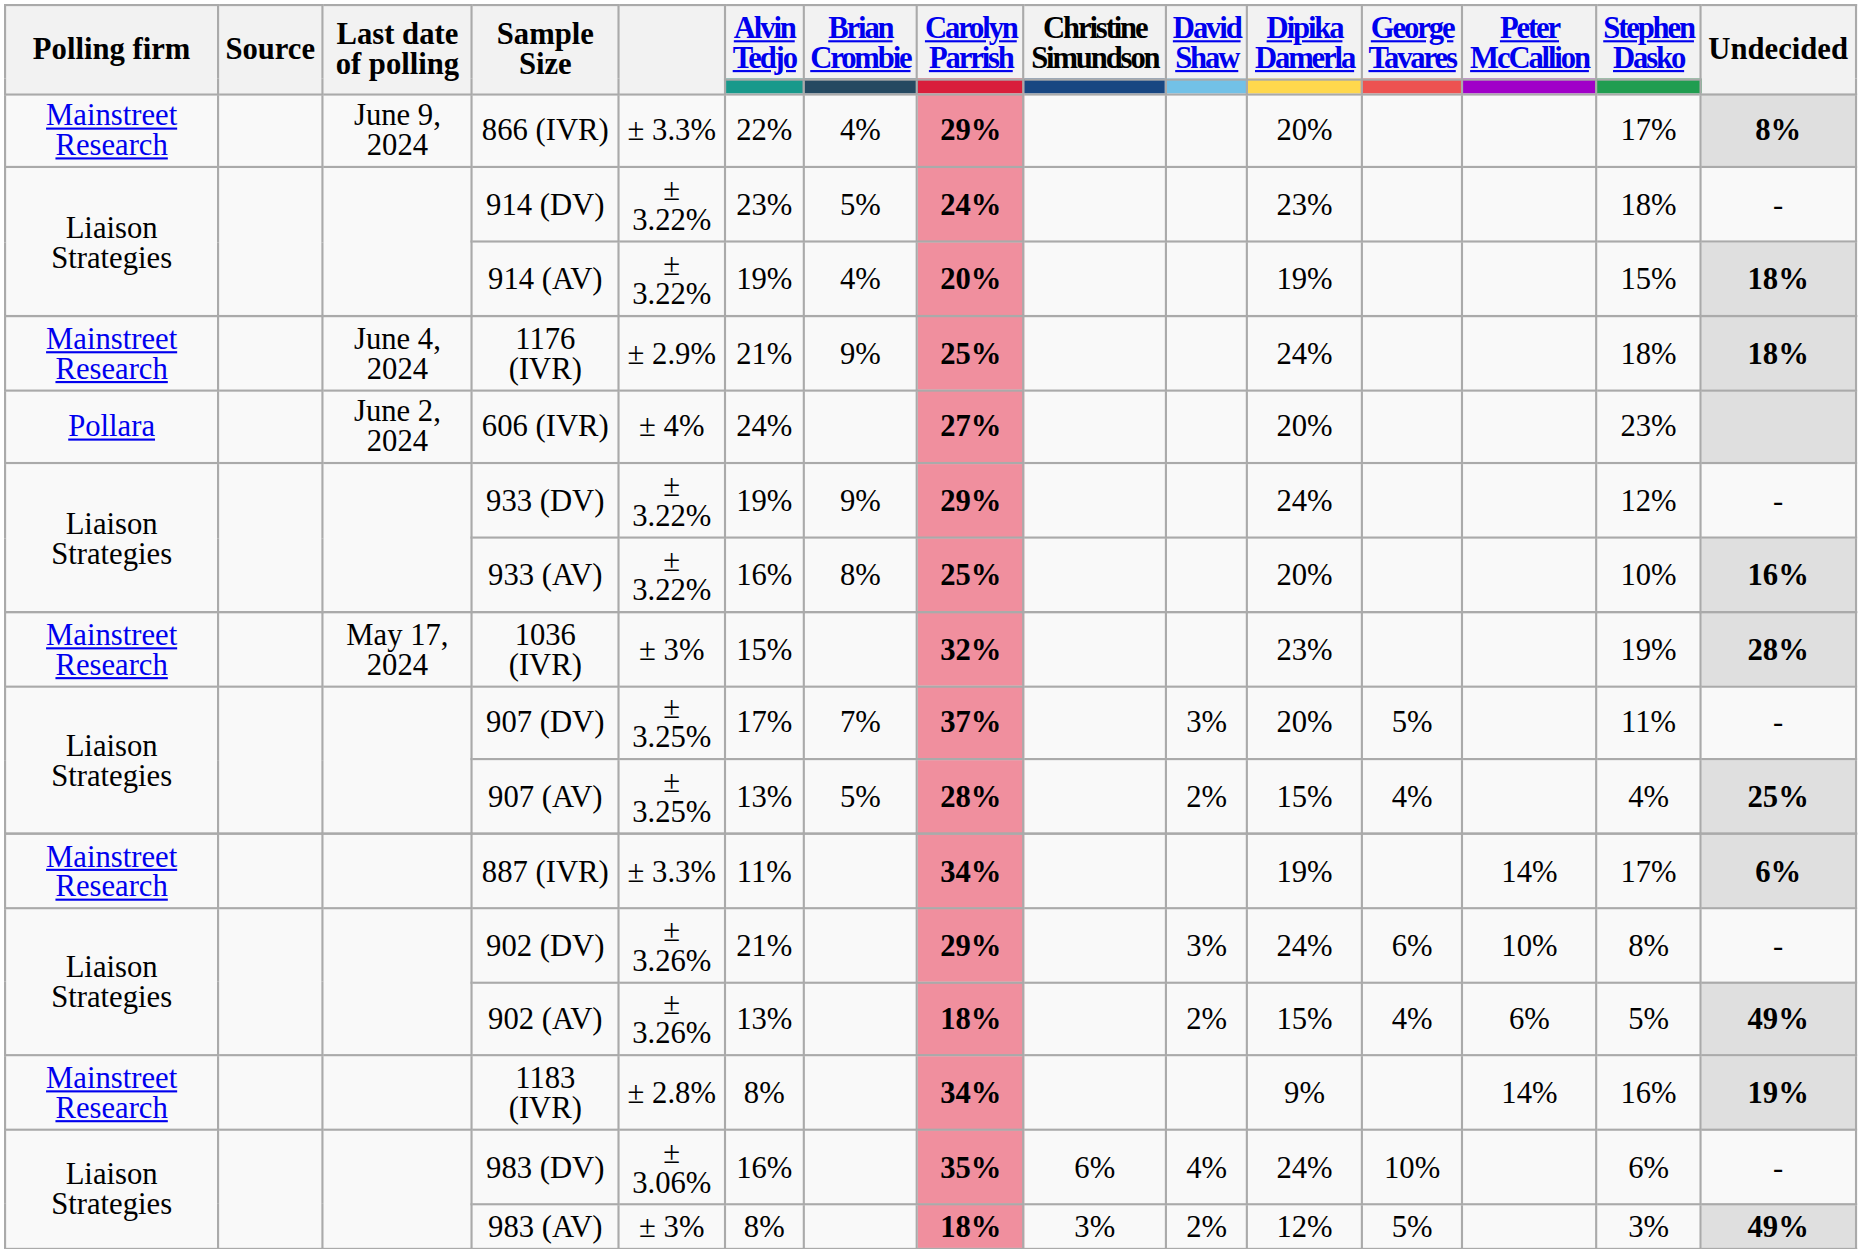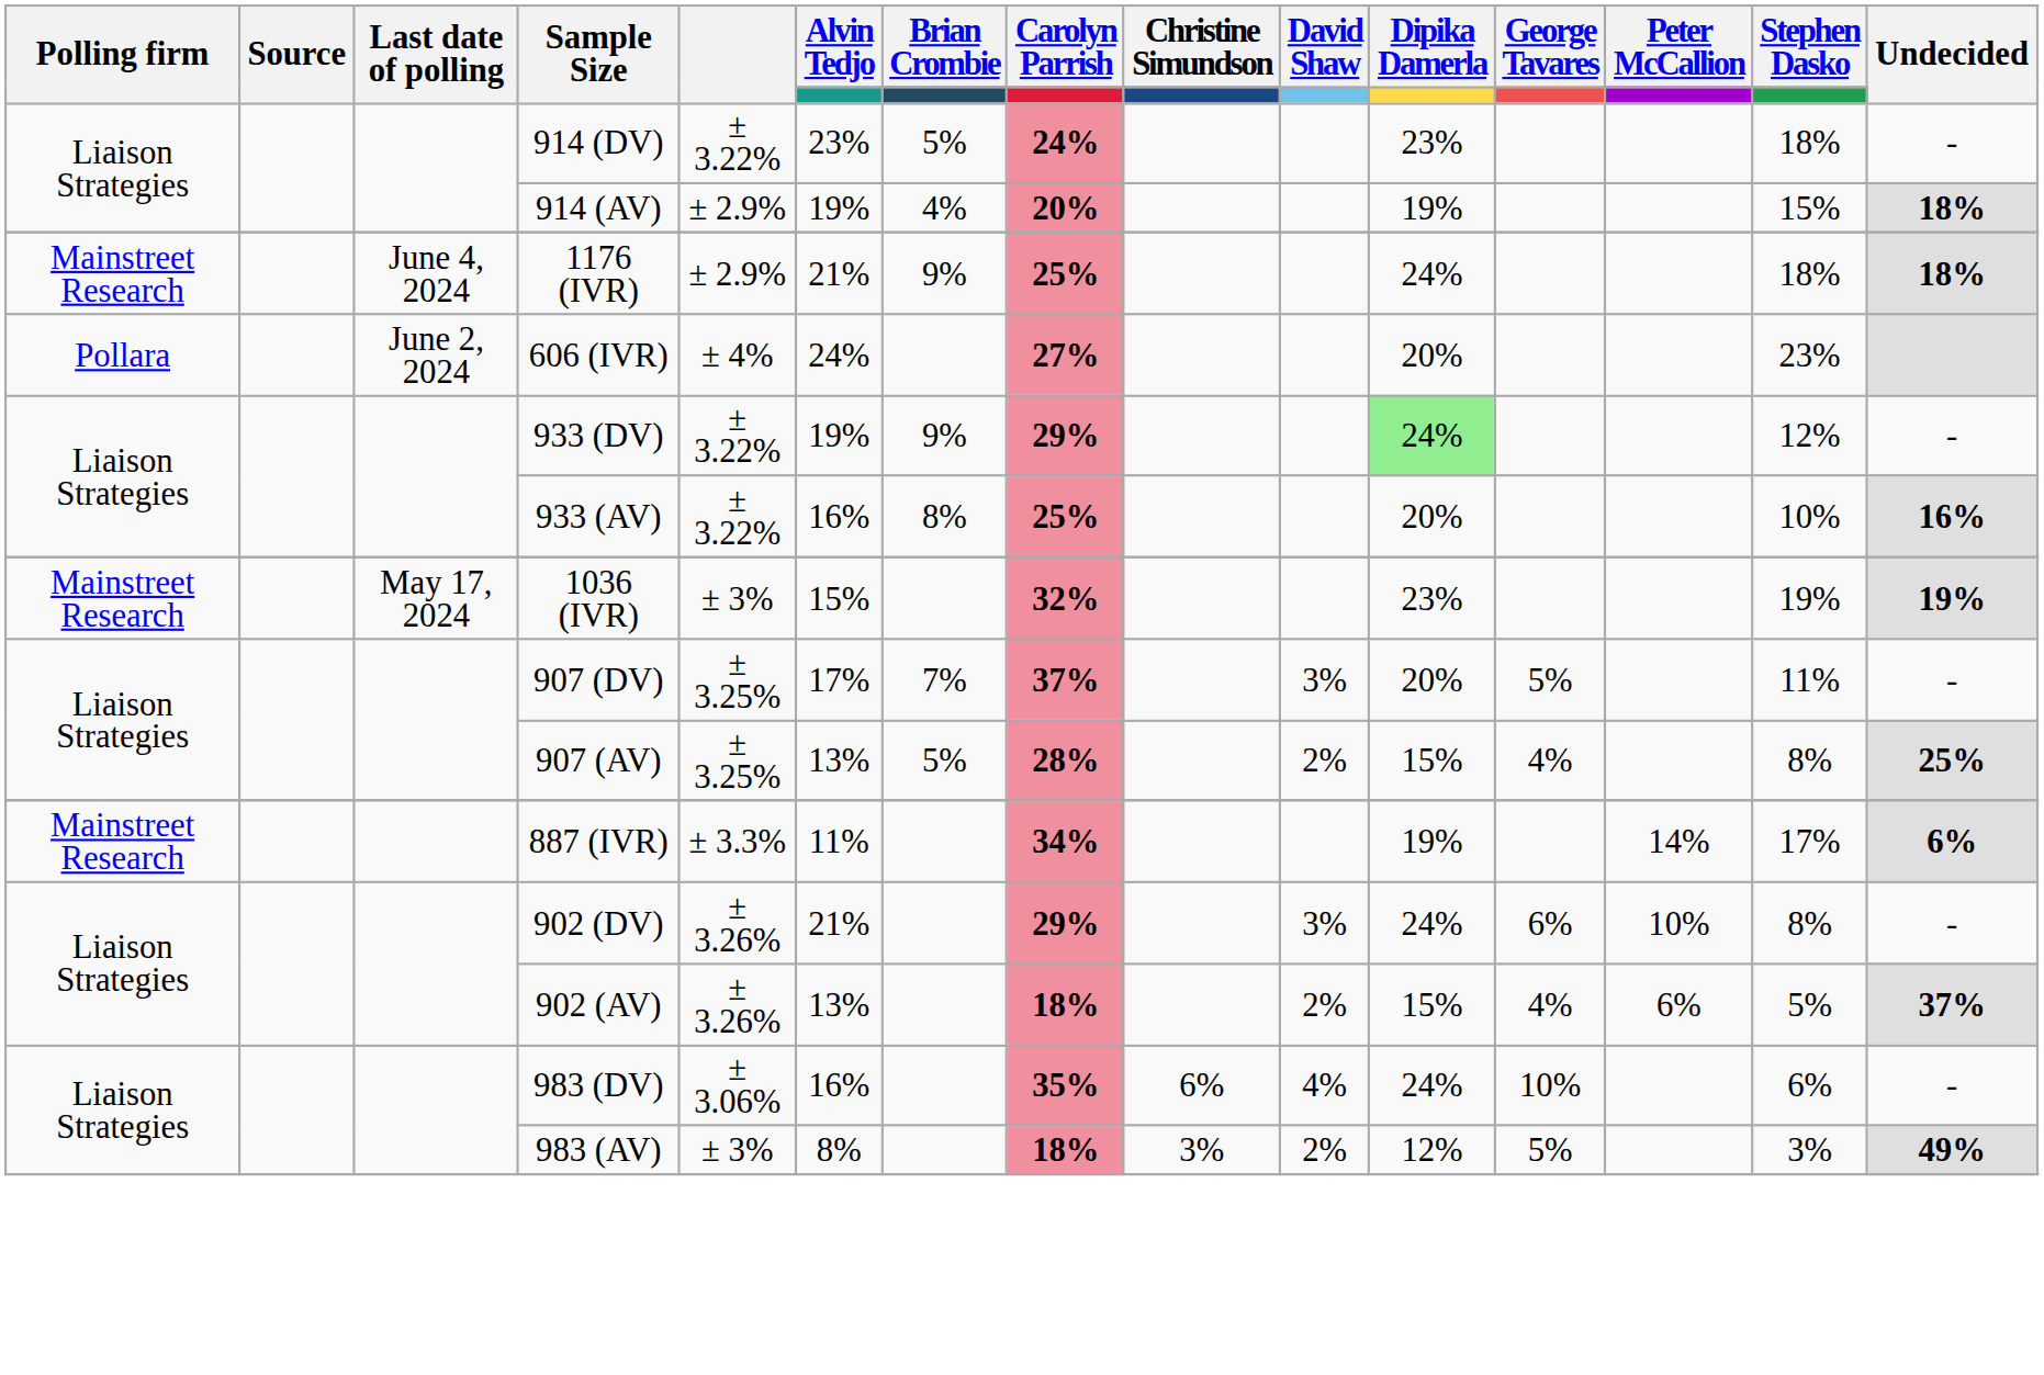 <table class="wikitable sortable tpl-blanktable" style="text-align:center; line-height:14px; font-size:90%;">
 <tr>
 <th rowspan="2">Polling firm</th>
 <th rowspan="2" class="unsortable">Source</th>
 <th rowspan="2">Last date<br>of polling</th>
 <th rowspan="2" class="unsortable">Sample Size</th>
 <th rowspan="2"></th>
 <th style="width:25px;letter-spacing:-1px;"><a href='#'>Alvin Tedjo</a></th>
 <th style="width:25px;letter-spacing:-1px;"><a href='#'>Brian Crombie</a></th>
 <th style="width:25px;letter-spacing:-1px;"><a href='#'>Carolyn Parrish</a></th>
 <th style="width:25px;letter-spacing:-1px;">Christine Simundson</th>
 <th style="width:25px;letter-spacing:-1px;"><a href='#'>David Shaw</a></th>
 <th style="width:25px;letter-spacing:-1px;"><a href='#'>Dipika Damerla</a></th>
 <th style="width:25px;letter-spacing:-1px;"><a href='#'>George Tavares</a></th>
 <th style="width:25px;letter-spacing:-1px;"><a href='#'>Peter McCallion</a></th>
 <th style="width:25px;letter-spacing:-1px;"><a href='#'>Stephen Dasko</a></th>
 <th rowspan="2" style="width:25px;">Undecided</th>
 </tr>
 <tr class="sorttop">
 <th style="background:#18998B;"></th>
 <th style="background:#254961;"></th>
 <th style="background:#D91E3B;"></th>
 <th style="background:#184782;"></th>
 <th style="background:#72C1E7;"></th>
 <th style="background:#FFD84D;"></th>
 <th style="background:#ED5251;"></th>
 <th style="background:#a000c8;"></th>
 <th style="background:#209d50;"></th>
 </tr>
 <tr>
-<td><a href='#'>Mainstreet Research</a></td>
-<td></td>
-<td>June 9, 2024</td>
-<td>866 (IVR)</td>
-<td>± 3.3%</td>
-<td>22%</td>
-<td>4%</td>
-<td style="background-color:#F08F9E;"><strong>29%</strong></td>
-<td></td>
-<td></td>
-<td>20%</td>
-<td></td>
-<td></td>
-<td>17%</td>
-<td style="background-color:#dfdfdf;"><strong>8%</strong></td>
-</tr>
-<tr>
 <td rowspan="2">Liaison Strategies</td>
 <td rowspan="2"></td>
 <td rowspan="2"></td>
 <td>914 (DV)</td>
 <td>± 3.22%</td>
 <td>23%</td>
 <td>5%</td>
 <td style="background-color:#F08F9E;"><strong>24%</strong></td>
 <td></td>
 <td></td>
 <td>23%</td>
 <td></td>
 <td></td>
 <td>18%</td>
 <td>-</td>
 </tr>
 <tr>
 <td>914 (AV)</td>
-<td>± 3.22%</td>
+<td>± 2.9%</td>
 <td>19%</td>
 <td>4%</td>
 <td style="background-color:#F08F9E;"><strong>20%</strong></td>
 <td></td>
 <td></td>
 <td>19%</td>
 <td></td>
 <td></td>
 <td>15%</td>
 <td style="background-color:#dfdfdf;"><strong>18%</strong></td>
 </tr>
 <tr>
 </tr>
 <tr>
 <td><a href='#'>Mainstreet Research</a></td>
 <td></td>
 <td>June 4, 2024</td>
 <td>1176 (IVR)</td>
 <td>± 2.9%</td>
 <td>21%</td>
 <td>9%</td>
 <td style="background-color:#F08F9E;"><strong>25%</strong></td>
 <td></td>
 <td></td>
 <td>24%</td>
 <td></td>
 <td></td>
 <td>18%</td>
 <td style="background-color:#dfdfdf;"><strong>18%</strong></td>
 </tr>
 <tr>
 <td><a href='#'>Pollara</a></td>
 <td></td>
 <td>June 2, 2024</td>
 <td>606 (IVR)</td>
 <td>± 4%</td>
 <td>24%</td>
 <td></td>
 <td style="background-color:#F08F9E;"><strong>27%</strong></td>
 <td></td>
 <td></td>
 <td>20%</td>
 <td></td>
 <td></td>
 <td>23%</td>
 <td style="background-color:#dfdfdf;"></td>
 </tr>
 <tr>
 <td rowspan="2">Liaison Strategies</td>
 <td rowspan="2"></td>
 <td rowspan="2"></td>
 <td>933 (DV)</td>
 <td>± 3.22%</td>
 <td>19%</td>
 <td>9%</td>
 <td style="background-color:#F08F9E;"><strong>29%</strong></td>
 <td></td>
 <td></td>
-<td>24%</td>
+<td style="background: lightgreen;">24%</td>
 <td></td>
 <td></td>
 <td>12%</td>
 <td>-</td>
 </tr>
 <tr>
 <td>933 (AV)</td>
 <td>± 3.22%</td>
 <td>16%</td>
 <td>8%</td>
 <td style="background-color:#F08F9E;"><strong>25%</strong></td>
 <td></td>
 <td></td>
 <td>20%</td>
 <td></td>
 <td></td>
 <td>10%</td>
 <td style="background-color:#dfdfdf;"><strong>16%</strong></td>
 </tr>
 <tr>
 </tr>
 <tr>
 <td><a href='#'>Mainstreet Research</a></td>
 <td></td>
 <td>May 17, 2024</td>
 <td>1036 (IVR)</td>
 <td>± 3%</td>
 <td>15%</td>
 <td></td>
 <td style="background-color:#F08F9E;"><strong>32%</strong></td>
 <td></td>
 <td></td>
 <td>23%</td>
 <td></td>
 <td></td>
 <td>19%</td>
-<td style="background-color:#dfdfdf;"><strong>28%</strong></td>
+<td style="background-color:#dfdfdf;"><strong>19%</strong></td>
 </tr>
 <tr>
 <td rowspan="2">Liaison Strategies</td>
 <td rowspan="2"></td>
 <td rowspan="2"></td>
 <td>907 (DV)</td>
 <td>± 3.25%</td>
 <td>17%</td>
 <td>7%</td>
 <td style="background-color:#F08F9E;"><strong>37%</strong></td>
 <td></td>
 <td>3%</td>
 <td>20%</td>
 <td>5%</td>
 <td></td>
 <td>11%</td>
 <td>-</td>
 </tr>
 <tr>
 <td>907 (AV)</td>
 <td>± 3.25%</td>
 <td>13%</td>
 <td>5%</td>
 <td style="background-color:#F08F9E;"><strong>28%</strong></td>
 <td></td>
 <td>2%</td>
 <td>15%</td>
 <td>4%</td>
 <td></td>
-<td>4%</td>
+<td>8%</td>
 <td style="background-color:#dfdfdf;"><strong>25%</strong></td>
 </tr>
 <tr>
 </tr>
 <tr>
 <td><a href='#'>Mainstreet Research</a></td>
 <td></td>
 <td></td>
 <td>887 (IVR)</td>
 <td>± 3.3%</td>
 <td>11%</td>
 <td></td>
 <td style="background-color:#F08F9E;"><strong>34%</strong></td>
 <td></td>
 <td></td>
 <td>19%</td>
 <td></td>
 <td>14%</td>
 <td>17%</td>
 <td style="background-color:#dfdfdf;"><strong>6%</strong></td>
 </tr>
 <tr>
 <td rowspan="2">Liaison Strategies</td>
 <td rowspan="2"></td>
 <td rowspan="2"></td>
 <td>902 (DV)</td>
 <td>± 3.26%</td>
 <td>21%</td>
 <td></td>
 <td style="background-color:#F08F9E;"><strong>29%</strong></td>
 <td></td>
 <td>3%</td>
 <td>24%</td>
 <td>6%</td>
 <td>10%</td>
 <td>8%</td>
 <td>-</td>
 </tr>
 <tr>
 <td>902 (AV)</td>
 <td>± 3.26%</td>
 <td>13%</td>
 <td></td>
 <td style="background-color:#F08F9E;"><strong>18%</strong></td>
 <td></td>
 <td>2%</td>
 <td>15%</td>
 <td>4%</td>
 <td>6%</td>
 <td>5%</td>
-<td style="background-color:#dfdfdf;"><strong>49%</strong></td>
-</tr>
-<tr>
-<td><a href='#'>Mainstreet Research</a></td>
-<td></td>
-<td></td>
-<td>1183 (IVR)</td>
-<td>± 2.8%</td>
-<td>8%</td>
-<td></td>
-<td style="background-color:#F08F9E;"><strong>34%</strong></td>
-<td></td>
-<td></td>
-<td>9%</td>
-<td></td>
-<td>14%</td>
-<td>16%</td>
-<td style="background-color:#dfdfdf;"><strong>19%</strong></td>
+<td style="background-color:#dfdfdf;"><strong>37%</strong></td>
 </tr>
 <tr>
 <td rowspan="2">Liaison Strategies</td>
 <td rowspan="2"></td>
 <td rowspan="2"></td>
 <td>983 (DV)</td>
 <td>± 3.06%</td>
 <td>16%</td>
 <td></td>
 <td style="background-color:#F08F9E;"><strong>35%</strong></td>
 <td>6%</td>
 <td>4%</td>
 <td>24%</td>
 <td>10%</td>
 <td></td>
 <td>6%</td>
 <td>-</td>
 </tr>
 <tr>
 <td>983 (AV)</td>
 <td>± 3%</td>
 <td>8%</td>
 <td></td>
 <td style="background-color:#F08F9E;"><strong>18%</strong></td>
 <td>3%</td>
 <td>2%</td>
 <td>12%</td>
 <td>5%</td>
 <td></td>
 <td>3%</td>
 <td style="background-color:#dfdfdf;"><strong>49%</strong></td>
 </tr>
 <tr>
 </tr>
 </table>
